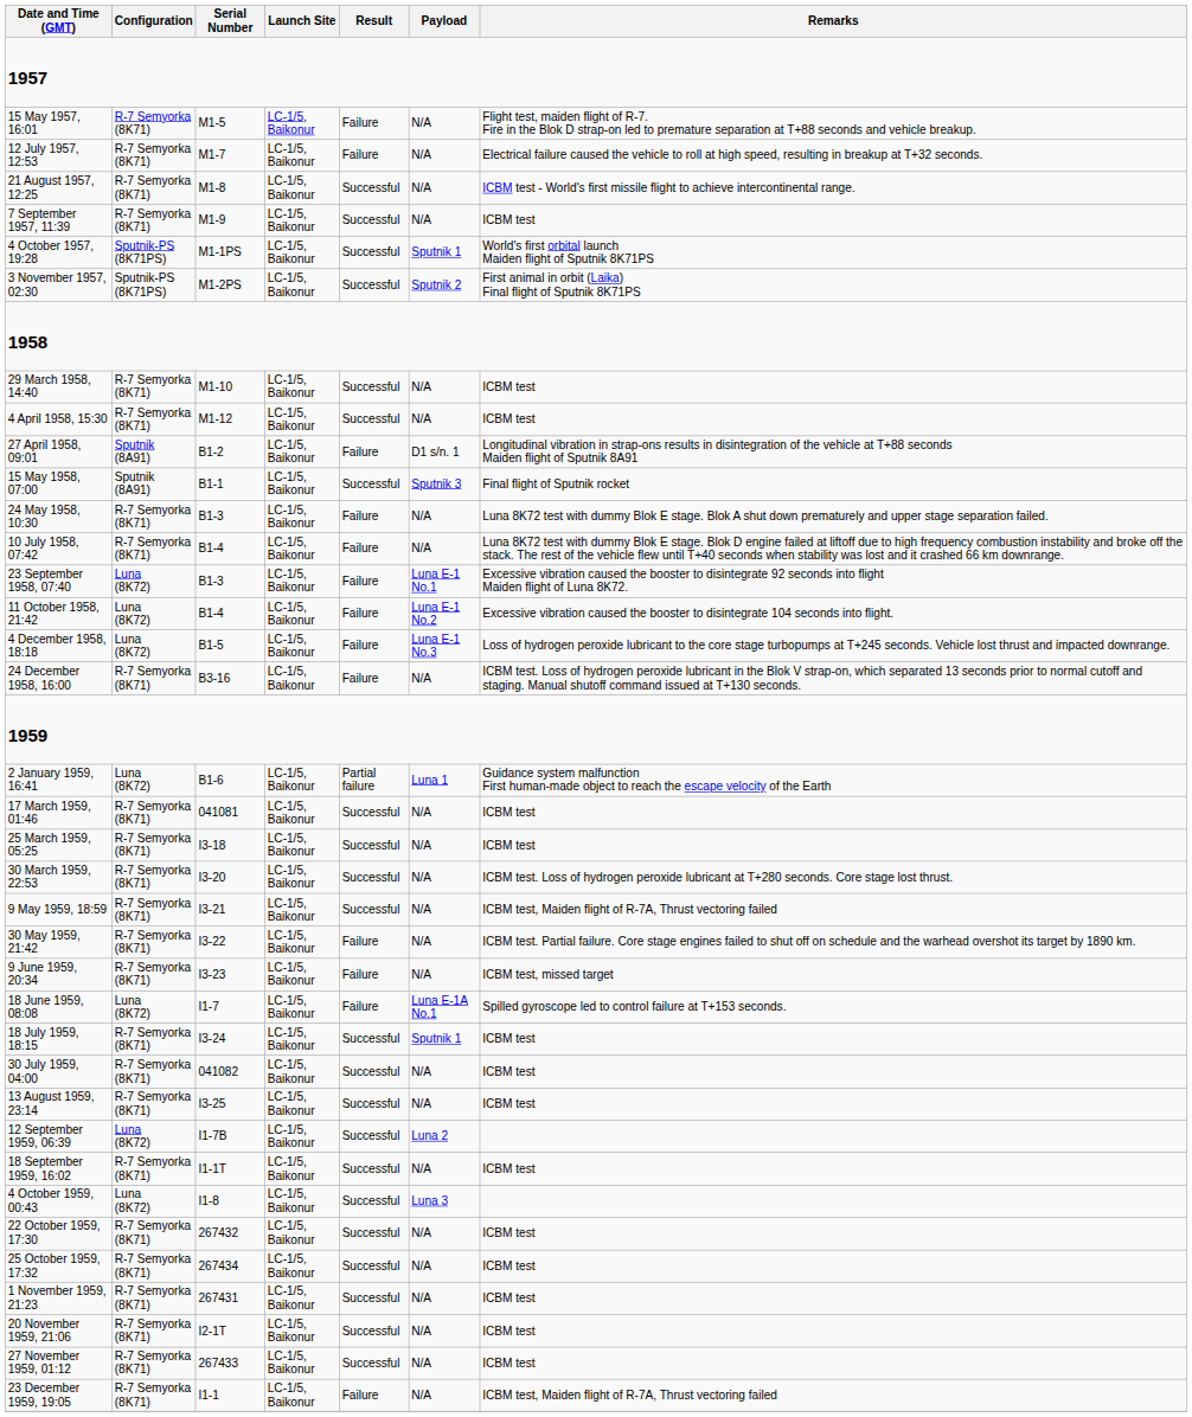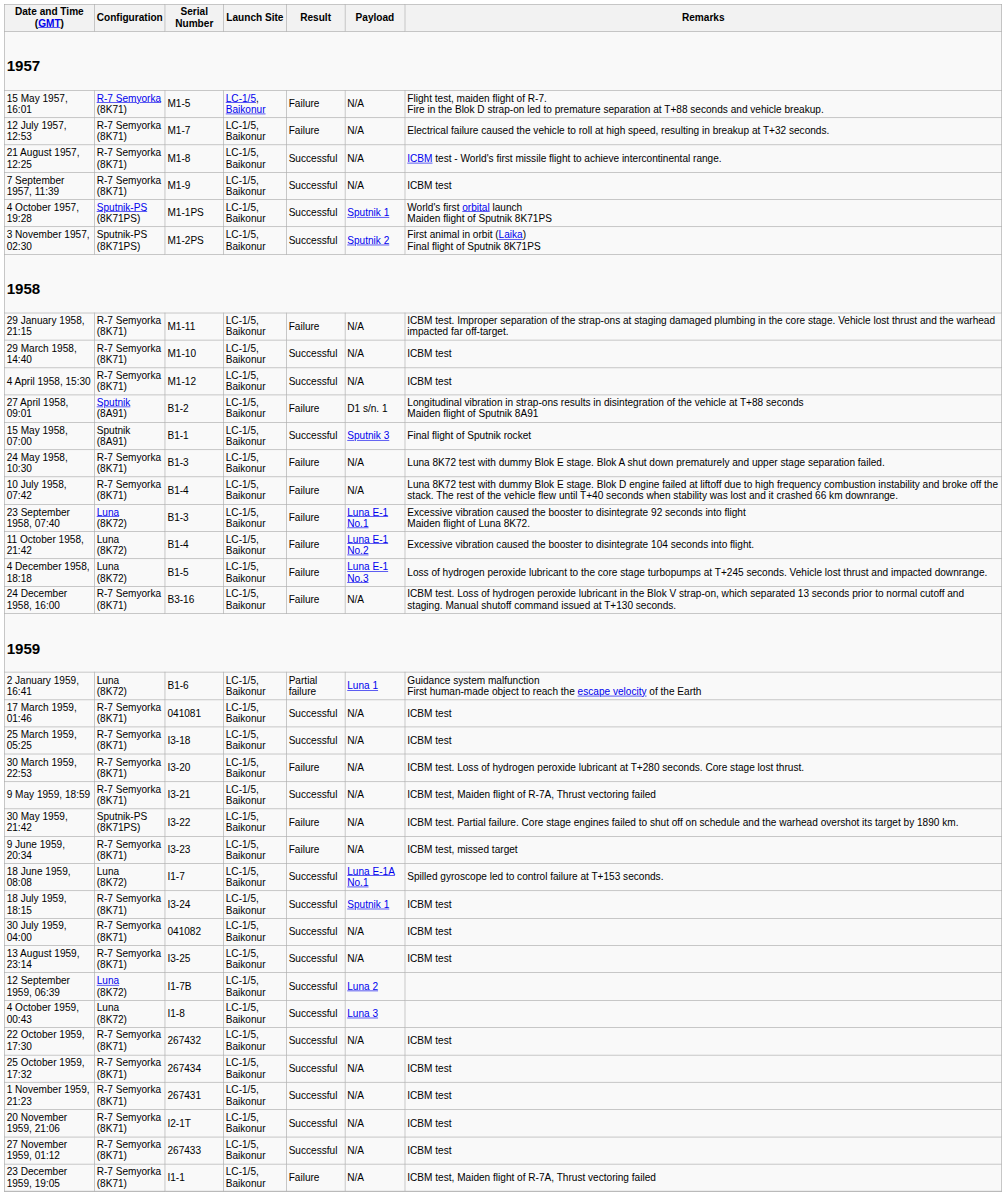 <table class="wikitable" width="100%">
 <tr>
 <th>Date and Time (<a href='#'>GMT</a>)</th>
 <th>Configuration</th>
 <th>Serial Number</th>
 <th>Launch Site</th>
 <th>Result</th>
 <th>Payload</th>
 <th>Remarks</th>
 </tr>
 <tr>
 <td colspan=7><br><h2>1957</h2></td>
 </tr>
 <tr>
 <td>15 May 1957, 16:01</td>
 <td><a href='#'>R-7 Semyorka</a><br>(8K71)</td>
 <td>M1-5</td>
 <td><a href='#'>LC-1/5</a>, <a href='#'>Baikonur</a></td>
 <td>Failure</td>
 <td>N/A</td>
 <td>Flight test, maiden flight of R-7.<br>Fire in the Blok D strap-on led to premature separation at T+88 seconds and vehicle breakup.</td>
 </tr>
 <tr>
 <td>12 July 1957, 12:53</td>
 <td>R-7 Semyorka<br>(8K71)</td>
 <td>M1-7</td>
 <td>LC-1/5, Baikonur</td>
 <td>Failure</td>
 <td>N/A</td>
 <td>Electrical failure caused the vehicle to roll at high speed, resulting in breakup at T+32 seconds.</td>
 </tr>
 <tr>
 <td>21 August 1957, 12:25</td>
 <td>R-7 Semyorka<br>(8K71)</td>
 <td>M1-8</td>
 <td>LC-1/5, Baikonur</td>
 <td>Successful</td>
 <td>N/A</td>
 <td><a href='#'>ICBM</a> test - World's first missile flight to achieve intercontinental range.</td>
 </tr>
 <tr>
 <td>7 September 1957, 11:39</td>
 <td>R-7 Semyorka<br>(8K71)</td>
 <td>M1-9</td>
 <td>LC-1/5, Baikonur</td>
 <td>Successful</td>
 <td>N/A</td>
 <td>ICBM test</td>
 </tr>
 <tr>
 <td>4 October 1957, 19:28</td>
 <td><a href='#'>Sputnik-PS</a><br>(8K71PS)</td>
 <td>M1-1PS</td>
 <td>LC-1/5, Baikonur</td>
 <td>Successful</td>
 <td><a href='#'>Sputnik 1</a></td>
 <td>World's first <a href='#'>orbital</a> launch<br>Maiden flight of Sputnik 8K71PS</td>
 </tr>
 <tr>
 <td>3 November 1957, 02:30</td>
 <td>Sputnik-PS<br>(8K71PS)</td>
 <td>M1-2PS</td>
 <td>LC-1/5, Baikonur</td>
 <td>Successful</td>
 <td><a href='#'>Sputnik 2</a></td>
 <td>First animal in orbit (<a href='#'>Laika</a>)<br>Final flight of Sputnik 8K71PS</td>
 </tr>
 <tr>
 <td colspan=7><br><h2>1958</h2></td>
+</tr>
+<tr>
+<td>29 January 1958, 21:15</td>
+<td>R-7 Semyorka<br>(8K71)</td>
+<td>M1-11</td>
+<td>LC-1/5, Baikonur</td>
+<td>Failure</td>
+<td>N/A</td>
+<td>ICBM test. Improper separation of the strap-ons at staging damaged plumbing in the core stage. Vehicle lost thrust and the warhead impacted far off-target.</td>
 </tr>
 <tr>
 <td>29 March 1958, 14:40</td>
 <td>R-7 Semyorka<br>(8K71)</td>
 <td>M1-10</td>
 <td>LC-1/5, Baikonur</td>
 <td>Successful</td>
 <td>N/A</td>
 <td>ICBM test</td>
 </tr>
 <tr>
 <td>4 April 1958, 15:30</td>
 <td>R-7 Semyorka<br>(8K71)</td>
 <td>M1-12</td>
 <td>LC-1/5, Baikonur</td>
 <td>Successful</td>
 <td>N/A</td>
 <td>ICBM test</td>
 </tr>
 <tr>
 <td>27 April 1958, 09:01</td>
 <td><a href='#'>Sputnik</a><br>(8A91)</td>
 <td>B1-2</td>
 <td>LC-1/5, Baikonur</td>
 <td>Failure</td>
 <td>D1 s/n. 1</td>
 <td>Longitudinal vibration in strap-ons results in disintegration of the vehicle at T+88 seconds<br>Maiden flight of Sputnik 8A91</td>
 </tr>
 <tr>
 <td>15 May 1958, 07:00</td>
 <td>Sputnik<br>(8A91)</td>
 <td>B1-1</td>
 <td>LC-1/5, Baikonur</td>
 <td>Successful</td>
 <td><a href='#'>Sputnik 3</a></td>
 <td>Final flight of Sputnik rocket</td>
 </tr>
 <tr>
 <td>24 May 1958, 10:30</td>
 <td>R-7 Semyorka<br>(8K71)</td>
 <td>B1-3</td>
 <td>LC-1/5, Baikonur</td>
 <td>Failure</td>
 <td>N/A</td>
 <td>Luna 8K72 test with dummy Blok E stage. Blok A shut down prematurely and upper stage separation failed.</td>
 </tr>
 <tr>
 <td>10 July 1958, 07:42</td>
 <td>R-7 Semyorka<br>(8K71)</td>
 <td>B1-4</td>
 <td>LC-1/5, Baikonur</td>
 <td>Failure</td>
 <td>N/A</td>
 <td>Luna 8K72 test with dummy Blok E stage. Blok D engine failed at liftoff due to high frequency combustion instability and broke off the stack. The rest of the vehicle flew until T+40 seconds when stability was lost and it crashed 66 km downrange.</td>
 </tr>
 <tr>
 <td>23 September 1958, 07:40</td>
 <td><a href='#'>Luna</a><br>(8K72)</td>
 <td>B1-3</td>
 <td>LC-1/5, Baikonur</td>
 <td>Failure</td>
 <td><a href='#'>Luna E-1 No.1</a></td>
 <td>Excessive vibration caused the booster to disintegrate 92 seconds into flight<br>Maiden flight of Luna 8K72.</td>
 </tr>
 <tr>
 <td>11 October 1958, 21:42</td>
 <td>Luna<br>(8K72)</td>
 <td>B1-4</td>
 <td>LC-1/5, Baikonur</td>
 <td>Failure</td>
 <td><a href='#'>Luna E-1 No.2</a></td>
 <td>Excessive vibration caused the booster to disintegrate 104 seconds into flight.</td>
 </tr>
 <tr>
 <td>4 December 1958, 18:18</td>
 <td>Luna<br>(8K72)</td>
 <td>B1-5</td>
 <td>LC-1/5, Baikonur</td>
 <td>Failure</td>
 <td><a href='#'>Luna E-1 No.3</a></td>
 <td>Loss of hydrogen peroxide lubricant to the core stage turbopumps at T+245 seconds. Vehicle lost thrust and impacted downrange.</td>
 </tr>
 <tr>
 <td>24 December 1958, 16:00</td>
 <td>R-7 Semyorka<br>(8K71)</td>
 <td>B3-16</td>
 <td>LC-1/5, Baikonur</td>
 <td>Failure</td>
 <td>N/A</td>
 <td>ICBM test. Loss of hydrogen peroxide lubricant in the Blok V strap-on, which separated 13 seconds prior to normal cutoff and staging. Manual shutoff command issued at T+130 seconds.</td>
 </tr>
 <tr>
 <td colspan=7><br><h2>1959</h2></td>
 </tr>
 <tr>
 <td>2 January 1959, 16:41</td>
 <td>Luna<br>(8K72)</td>
 <td>B1-6</td>
 <td>LC-1/5, Baikonur</td>
 <td>Partial failure</td>
 <td><a href='#'>Luna 1</a></td>
 <td>Guidance system malfunction<br>First human-made object to reach the <a href='#'>escape velocity</a> of the Earth</td>
 </tr>
 <tr>
 <td>17 March 1959, 01:46</td>
 <td>R-7 Semyorka<br>(8K71)</td>
 <td>041081</td>
 <td>LC-1/5, Baikonur</td>
 <td>Successful</td>
 <td>N/A</td>
 <td>ICBM test</td>
 </tr>
 <tr>
 <td>25 March 1959, 05:25</td>
 <td>R-7 Semyorka<br>(8K71)</td>
 <td>I3-18</td>
 <td>LC-1/5, Baikonur</td>
 <td>Successful</td>
 <td>N/A</td>
 <td>ICBM test</td>
 </tr>
 <tr>
 <td>30 March 1959, 22:53</td>
 <td>R-7 Semyorka<br>(8K71)</td>
 <td>I3-20</td>
 <td>LC-1/5, Baikonur</td>
-<td>Successful</td>
+<td>Failure</td>
 <td>N/A</td>
 <td>ICBM test. Loss of hydrogen peroxide lubricant at T+280 seconds. Core stage lost thrust.</td>
 </tr>
 <tr>
 <td>9 May 1959, 18:59</td>
 <td>R-7 Semyorka<br>(8K71)</td>
 <td>I3-21</td>
 <td>LC-1/5, Baikonur</td>
 <td>Successful</td>
 <td>N/A</td>
 <td>ICBM test, Maiden flight of R-7A, Thrust vectoring failed</td>
 </tr>
 <tr>
 <td>30 May 1959, 21:42</td>
-<td>R-7 Semyorka<br>(8K71)</td>
+<td>Sputnik-PS<br>(8K71PS)</td>
 <td>I3-22</td>
 <td>LC-1/5, Baikonur</td>
 <td>Failure</td>
 <td>N/A</td>
 <td>ICBM test. Partial failure. Core stage engines failed to shut off on schedule and the warhead overshot its target by 1890 km.</td>
 </tr>
 <tr>
 <td>9 June 1959, 20:34</td>
 <td>R-7 Semyorka<br>(8K71)</td>
 <td>I3-23</td>
 <td>LC-1/5, Baikonur</td>
 <td>Failure</td>
 <td>N/A</td>
 <td>ICBM test, missed target</td>
 </tr>
 <tr>
 <td>18 June 1959, 08:08</td>
 <td>Luna<br>(8K72)</td>
 <td>I1-7</td>
 <td>LC-1/5, Baikonur</td>
-<td>Failure</td>
+<td>Successful</td>
 <td><a href='#'>Luna E-1A No.1</a></td>
 <td>Spilled gyroscope led to control failure at T+153 seconds.</td>
 </tr>
 <tr>
 <td>18 July 1959, 18:15</td>
 <td>R-7 Semyorka<br>(8K71)</td>
 <td>I3-24</td>
 <td>LC-1/5, Baikonur</td>
 <td>Successful</td>
 <td><a href='#'>Sputnik 1</a></td>
 <td>ICBM test</td>
 </tr>
 <tr>
 <td>30 July 1959, 04:00</td>
 <td>R-7 Semyorka<br>(8K71)</td>
 <td>041082</td>
 <td>LC-1/5, Baikonur</td>
 <td>Successful</td>
 <td>N/A</td>
 <td>ICBM test</td>
 </tr>
 <tr>
 <td>13 August 1959, 23:14</td>
 <td>R-7 Semyorka<br>(8K71)</td>
 <td>I3-25</td>
 <td>LC-1/5, Baikonur</td>
 <td>Successful</td>
 <td>N/A</td>
 <td>ICBM test</td>
 </tr>
 <tr>
 <td>12 September 1959, 06:39</td>
 <td><a href='#'>Luna</a><br>(8K72)</td>
 <td>I1-7B</td>
 <td>LC-1/5, Baikonur</td>
 <td>Successful</td>
 <td><a href='#'>Luna 2</a></td>
 <td></td>
-</tr>
-<tr>
-<td>18 September 1959, 16:02</td>
-<td>R-7 Semyorka<br>(8K71)</td>
-<td>I1-1T</td>
-<td>LC-1/5, Baikonur</td>
-<td>Successful</td>
-<td>N/A</td>
-<td>ICBM test</td>
 </tr>
 <tr>
 <td>4 October 1959, 00:43</td>
 <td>Luna<br>(8K72)</td>
 <td>I1-8</td>
 <td>LC-1/5, Baikonur</td>
 <td>Successful</td>
 <td><a href='#'>Luna 3</a></td>
 <td></td>
 </tr>
 <tr>
 <td>22 October 1959, 17:30</td>
 <td>R-7 Semyorka<br>(8K71)</td>
 <td>267432</td>
 <td>LC-1/5, Baikonur</td>
 <td>Successful</td>
 <td>N/A</td>
 <td>ICBM test</td>
 </tr>
 <tr>
 <td>25 October 1959, 17:32</td>
 <td>R-7 Semyorka<br>(8K71)</td>
 <td>267434</td>
 <td>LC-1/5, Baikonur</td>
 <td>Successful</td>
 <td>N/A</td>
 <td>ICBM test</td>
 </tr>
 <tr>
 <td>1 November 1959, 21:23</td>
 <td>R-7 Semyorka<br>(8K71)</td>
 <td>267431</td>
 <td>LC-1/5, Baikonur</td>
 <td>Successful</td>
 <td>N/A</td>
 <td>ICBM test</td>
 </tr>
 <tr>
 <td>20 November 1959, 21:06</td>
 <td>R-7 Semyorka<br>(8K71)</td>
 <td>I2-1T</td>
 <td>LC-1/5, Baikonur</td>
 <td>Successful</td>
 <td>N/A</td>
 <td>ICBM test</td>
 </tr>
 <tr>
 <td>27 November 1959, 01:12</td>
 <td>R-7 Semyorka<br>(8K71)</td>
 <td>267433</td>
 <td>LC-1/5, Baikonur</td>
 <td>Successful</td>
 <td>N/A</td>
 <td>ICBM test</td>
 </tr>
 <tr>
 <td>23 December 1959, 19:05</td>
 <td>R-7 Semyorka<br>(8K71)</td>
 <td>I1-1</td>
 <td>LC-1/5, Baikonur</td>
 <td>Failure</td>
 <td>N/A</td>
 <td>ICBM test, Maiden flight of R-7A, Thrust vectoring failed</td>
 </tr>
 <tr>
 </tr>
 </table>
